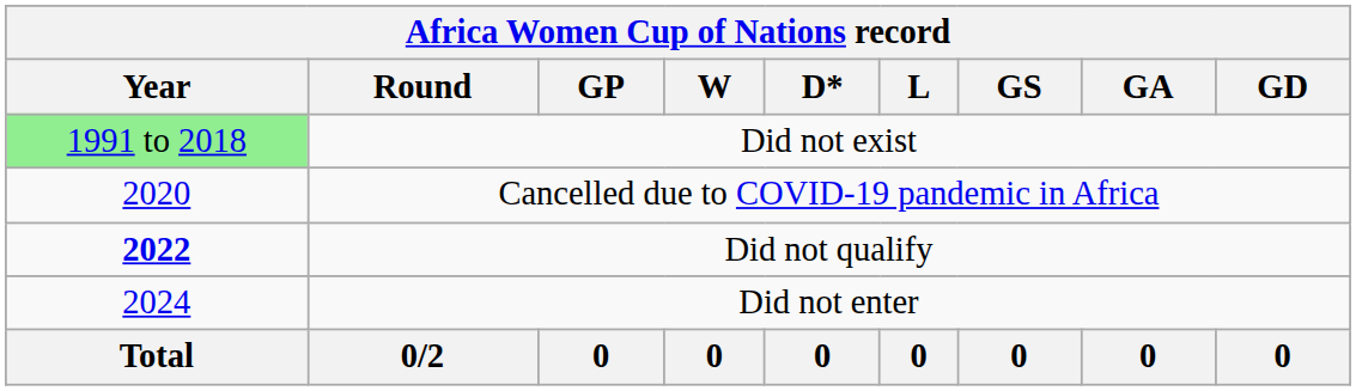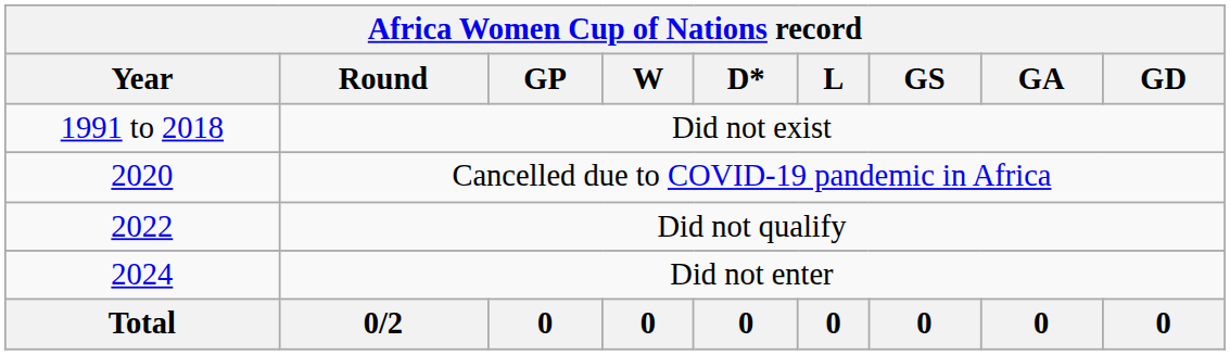 <table class="wikitable" style="text-align: center; width:50%;">
 <tr>
 <th colspan=10><a href='#'>Africa Women Cup of Nations</a> record</th>
 </tr>
 <tr>
 <th>Year</th>
 <th>Round</th>
 <th>GP</th>
 <th>W</th>
 <th>D*</th>
 <th>L</th>
 <th>GS</th>
 <th>GA</th>
 <th>GD</th>
 </tr>
 <tr>
-<td style="background: lightgreen;"><a href='#'>1991</a> to  <a href='#'>2018</a></td>
+<td><a href='#'>1991</a> to  <a href='#'>2018</a></td>
 <td colspan=8>Did not exist</td>
 </tr>
 <tr>
 <td><a href='#'>2020</a></td>
 <td colspan=8>Cancelled due to <a href='#'>COVID-19 pandemic in Africa</a></td>
 </tr>
 <tr>
-<td><strong> <a href='#'>2022</a></strong></td>
+<td> <a href='#'>2022</a></td>
 <td colspan=8>Did not qualify</td>
 </tr>
 <tr>
 <td> <a href='#'>2024</a></td>
 <td colspan=8>Did not enter</td>
 </tr>
 <tr>
 <th>Total</th>
 <th>0/2</th>
 <th>0</th>
 <th>0</th>
 <th>0</th>
 <th>0</th>
 <th>0</th>
 <th>0</th>
 <th>0</th>
 </tr>
 </table>
